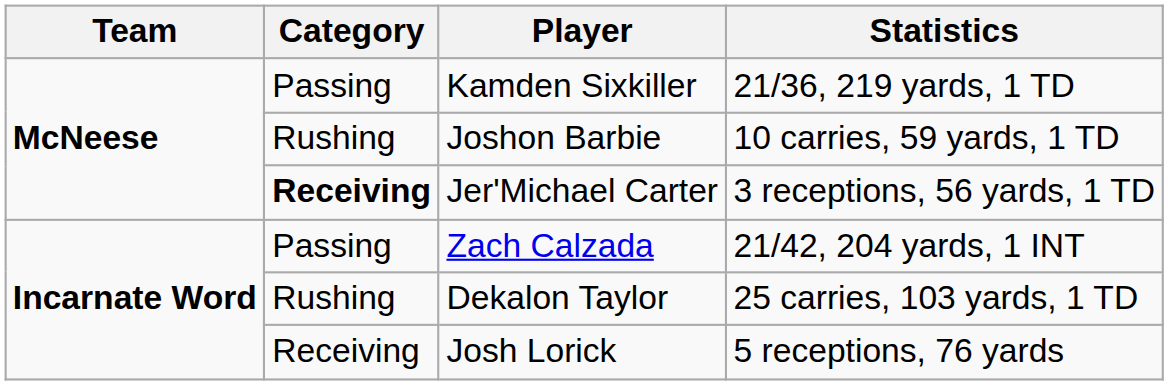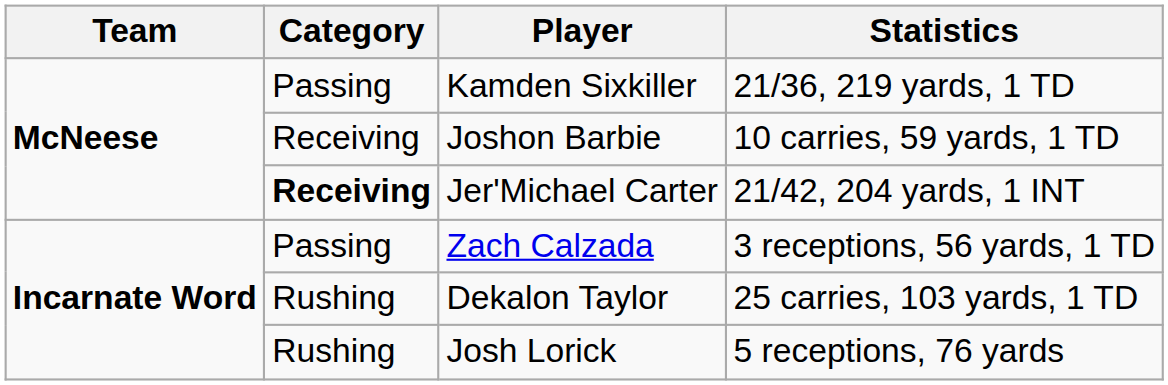 <table class="wikitable" style="float: right;">
 <tr>
 <th>Team</th>
 <th>Category</th>
 <th>Player</th>
 <th>Statistics</th>
 </tr>
 <tr>
 <td rowspan=3><strong>McNeese</strong></td>
 <td>Passing</td>
 <td>Kamden Sixkiller</td>
 <td>21/36, 219 yards, 1 TD</td>
 </tr>
 <tr>
-<td>Rushing</td>
+<td>Receiving</td>
 <td>Joshon Barbie</td>
 <td>10 carries, 59 yards, 1 TD</td>
 </tr>
 <tr>
 <td><strong>Receiving</strong></td>
 <td>Jer'Michael Carter</td>
-<td>3 receptions, 56 yards, 1 TD</td>
+<td>21/42, 204 yards, 1 INT</td>
 </tr>
 <tr>
 <td rowspan=3><strong>Incarnate Word</strong></td>
 <td>Passing</td>
 <td><a href='#'>Zach Calzada</a></td>
-<td>21/42, 204 yards, 1 INT</td>
+<td>3 receptions, 56 yards, 1 TD</td>
 </tr>
 <tr>
 <td>Rushing</td>
 <td>Dekalon Taylor</td>
 <td>25 carries, 103 yards, 1 TD</td>
 </tr>
 <tr>
-<td>Receiving</td>
+<td>Rushing</td>
 <td>Josh Lorick</td>
 <td>5 receptions, 76 yards</td>
 </tr>
 </table>
